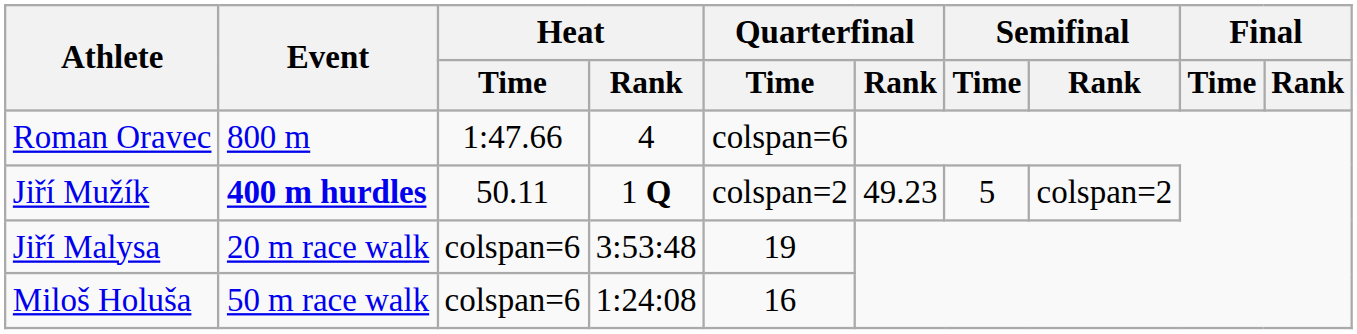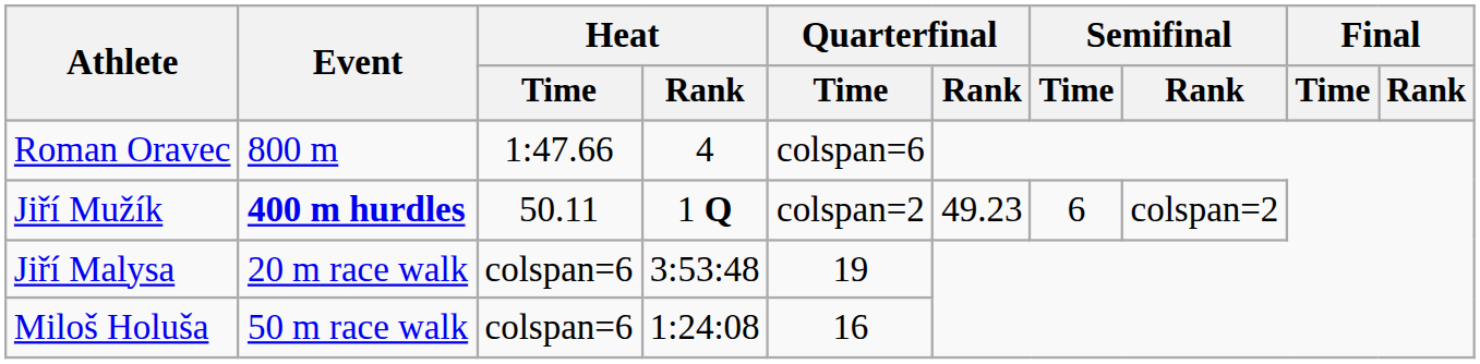 <table class=wikitable style=font-size:90%;text-align:center>
 <tr>
 <th rowspan=2>Athlete</th>
 <th rowspan=2>Event</th>
 <th colspan=2>Heat</th>
 <th colspan=2>Quarterfinal</th>
 <th colspan=2>Semifinal</th>
 <th colspan=2>Final</th>
 </tr>
 <tr style=font-size:95%>
 <th>Time</th>
 <th>Rank</th>
 <th>Time</th>
 <th>Rank</th>
 <th>Time</th>
 <th>Rank</th>
 <th>Time</th>
 <th>Rank</th>
 </tr>
 <tr>
 <td align=left><a href='#'>Roman Oravec</a></td>
 <td align=left><a href='#'>800 m</a></td>
 <td>1:47.66</td>
 <td>4</td>
 <td>colspan=6 </td>
 </tr>
 <tr>
 <td align=left><a href='#'>Jiří Mužík</a></td>
 <td align=left><strong><a href='#'>400 m hurdles</a></strong></td>
 <td>50.11</td>
 <td>1 <strong>Q</strong></td>
 <td>colspan=2 </td>
 <td>49.23</td>
-<td>5</td>
+<td>6</td>
 <td>colspan=2 </td>
 </tr>
 <tr>
 <td align=left><a href='#'>Jiří Malysa</a></td>
 <td align=left><a href='#'>20 m race walk</a></td>
 <td>colspan=6 </td>
 <td>3:53:48</td>
 <td>19</td>
 </tr>
 <tr>
 <td align=left><a href='#'>Miloš Holuša</a></td>
 <td align=left><a href='#'>50 m race walk</a></td>
 <td>colspan=6 </td>
 <td>1:24:08</td>
 <td>16</td>
 </tr>
 </table>
